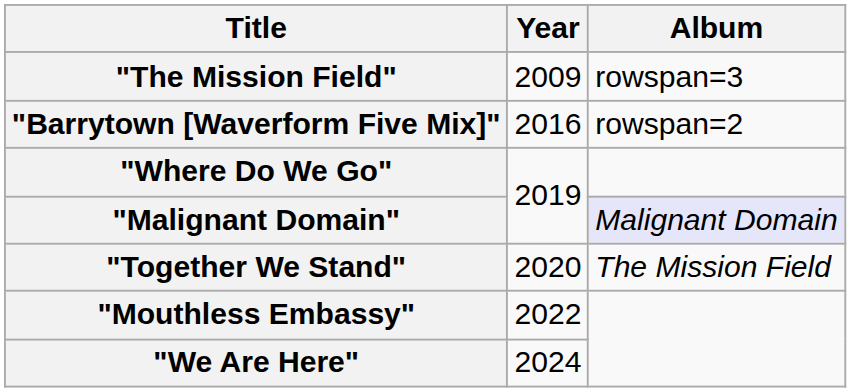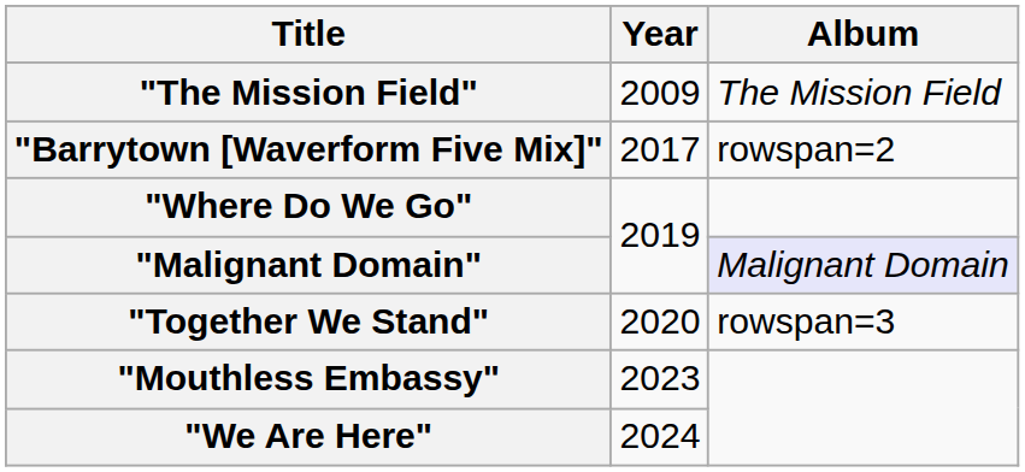 <table class="wikitable plainrowheaders">
 <tr>
 <th scope="col">Title</th>
 <th scope="col">Year</th>
 <th scope="col">Album</th>
 </tr>
 <tr>
 <th scope=row>"The Mission Field"<br></th>
 <td>2009</td>
-<td>rowspan=3 </td>
+<td><em>The Mission Field</em></td>
 </tr>
 <tr>
 <th scope=row>"Barrytown [Waverform Five Mix]"<br></th>
-<td>2016</td>
+<td>2017</td>
 <td>rowspan=2 </td>
 </tr>
 <tr>
 <th scope=row>"Where Do We Go"<br></th>
 <td rowspan=2>2019</td>
 </tr>
 <tr>
 <th scope=row>"Malignant Domain"<br></th>
 <td style="background: lavender;"><em>Malignant Domain</em></td>
 </tr>
 <tr>
 <th scope=row>"Together We Stand"<br></th>
 <td>2020</td>
-<td><em>The Mission Field</em></td>
+<td>rowspan=3 </td>
 </tr>
 <tr>
 <th scope=row>"Mouthless Embassy"<br></th>
-<td>2022</td>
+<td>2023</td>
 </tr>
 <tr>
 <th scope=row>"We Are Here"<br></th>
 <td>2024</td>
 </tr>
 </table>
